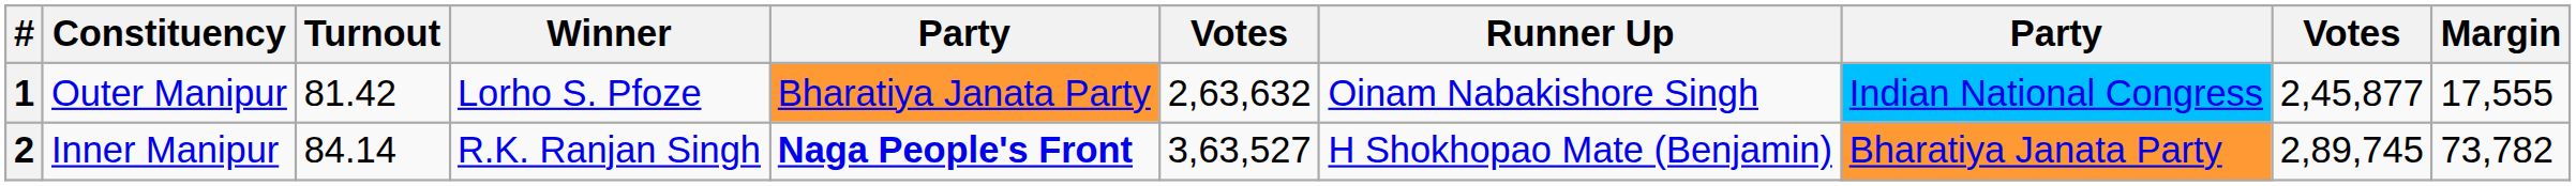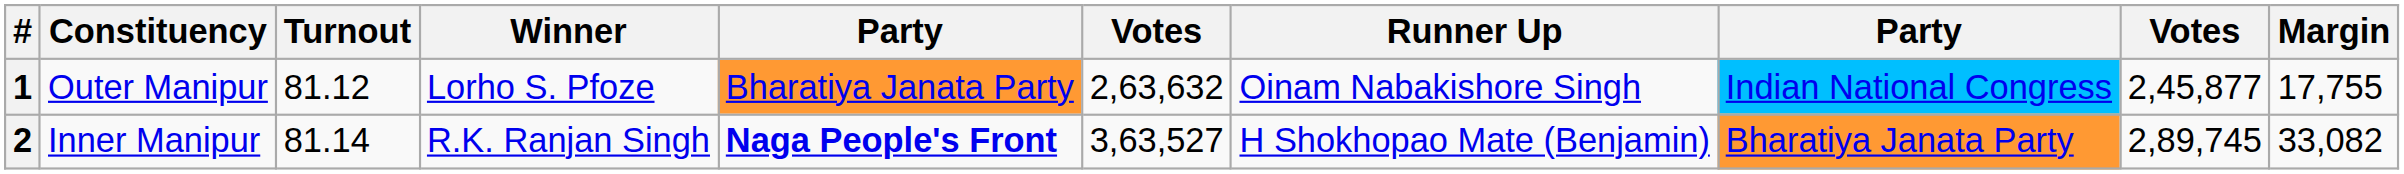 <table class="wikitable sortable">
 <tr>
 <th>#</th>
 <th>Constituency</th>
 <th>Turnout<strong></strong></th>
 <th>Winner</th>
 <th>Party</th>
 <th>Votes</th>
 <th>Runner Up</th>
 <th>Party</th>
 <th>Votes</th>
 <th>Margin</th>
 </tr>
 <tr>
 <th>1</th>
 <td><a href='#'>Outer Manipur</a></td>
-<td>81.42 </td>
+<td>81.12 </td>
 <td><a href='#'>Lorho S. Pfoze</a></td>
 <td bgcolor=#FF9933><a href='#'>Bharatiya Janata Party</a></td>
 <td>2,63,632</td>
 <td><a href='#'>Oinam Nabakishore Singh</a></td>
 <td bgcolor=#00BFFF><a href='#'>Indian National Congress</a></td>
 <td>2,45,877</td>
-<td>17,555</td>
+<td>17,755</td>
 </tr>
 <tr>
 <th>2</th>
 <td><a href='#'>Inner Manipur</a></td>
-<td>84.14 </td>
+<td>81.14 </td>
 <td><a href='#'>R.K. Ranjan Singh</a></td>
 <td><strong><a href='#'>Naga People's Front</a></strong></td>
 <td>3,63,527</td>
 <td><a href='#'>H Shokhopao Mate (Benjamin)</a></td>
 <td bgcolor=#FF9933><a href='#'>Bharatiya Janata Party</a></td>
 <td>2,89,745</td>
-<td>73,782</td>
+<td>33,082</td>
 </tr>
 </table>
